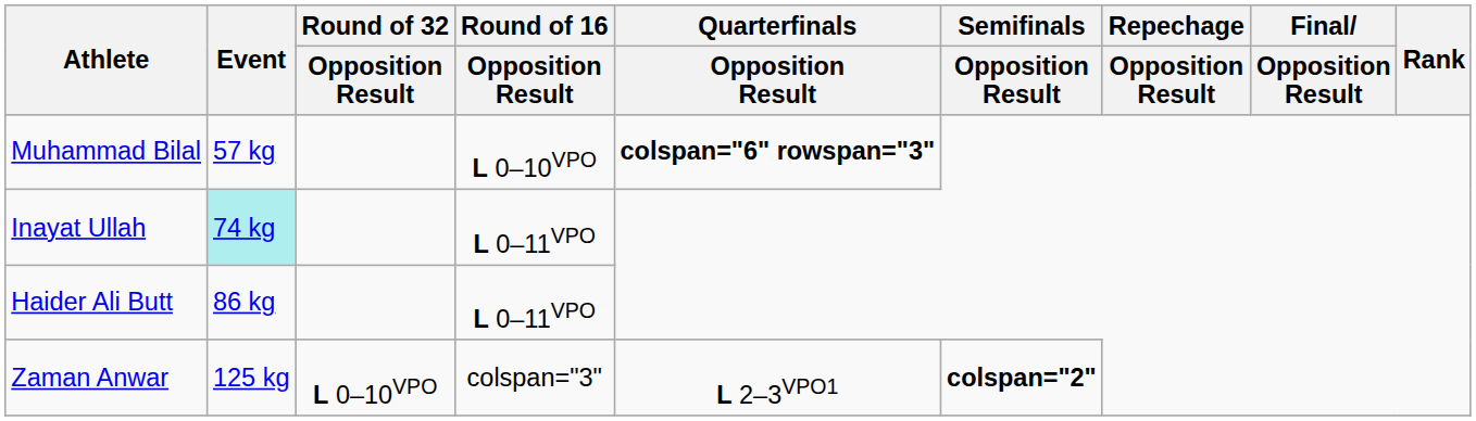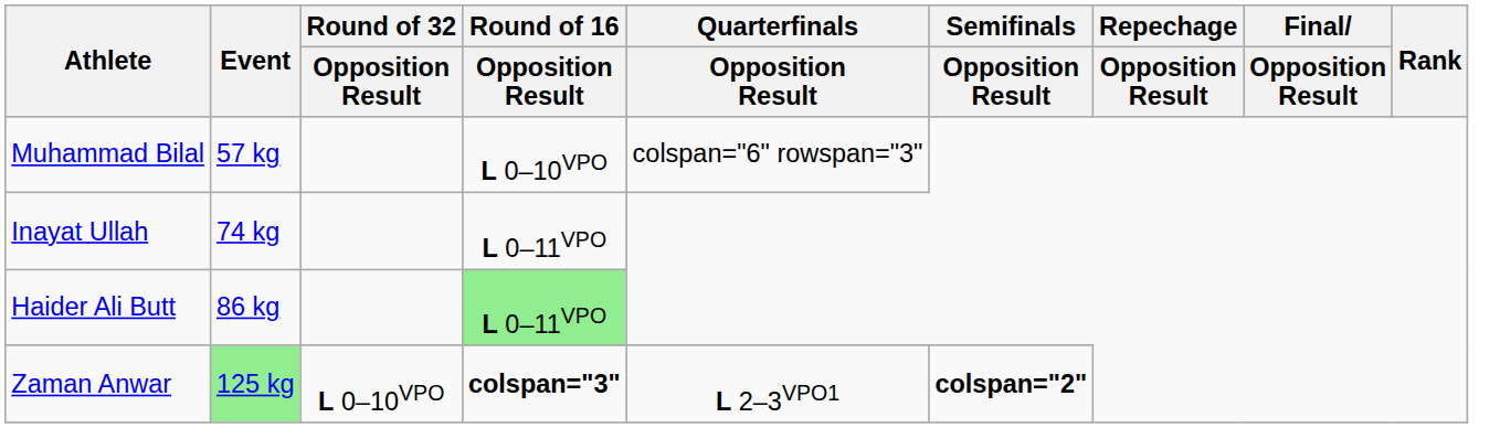 <table class=wikitable style="text-align:center; font-size:90%">
 <tr>
 <th rowspan=2>Athlete</th>
 <th rowspan=2>Event</th>
 <th>Round of 32</th>
 <th>Round of 16</th>
 <th>Quarterfinals</th>
 <th>Semifinals</th>
 <th>Repechage</th>
 <th>Final/</th>
 <th rowspan=2>Rank</th>
 </tr>
 <tr>
 <th>Opposition<br>Result</th>
 <th>Opposition<br>Result</th>
 <th>Opposition<br>Result</th>
 <th>Opposition<br>Result</th>
 <th>Opposition<br>Result</th>
 <th>Opposition<br>Result</th>
 </tr>
 <tr>
 <td style="text-align:left"><a href='#'>Muhammad Bilal</a></td>
 <td style="text-align:left"><a href='#'>57 kg</a></td>
 <td></td>
 <td><br> <strong>L</strong> 0–10<sup>VPO</sup></td>
-<td><strong>colspan="6" rowspan="3"</strong></td>
+<td>colspan="6" rowspan="3"</td>
 </tr>
 <tr>
 <td style="text-align:left"><a href='#'>Inayat Ullah</a></td>
-<td style="background: paleturquoise; text-align:left"><a href='#'>74 kg</a></td>
+<td style="text-align:left"><a href='#'>74 kg</a></td>
 <td></td>
 <td><br> <strong>L</strong> 0–11<sup>VPO</sup></td>
 </tr>
 <tr>
 <td style="text-align:left"><a href='#'>Haider Ali Butt</a></td>
 <td style="text-align:left"><a href='#'>86 kg</a></td>
 <td></td>
-<td><br> <strong>L</strong> 0–11<sup>VPO</sup></td>
+<td style="background: lightgreen;"><br> <strong>L</strong> 0–11<sup>VPO</sup></td>
 </tr>
 <tr>
 <td style="text-align:left"><a href='#'>Zaman Anwar</a></td>
-<td style="text-align:left"><a href='#'>125 kg</a></td>
+<td style="background: lightgreen; text-align:left"><a href='#'>125 kg</a></td>
 <td><br> <strong>L</strong> 0–10<sup>VPO</sup></td>
-<td>colspan="3"</td>
+<td><strong>colspan="3"</strong></td>
 <td><br> <strong>L</strong> 2–3<sup>VPO1</sup></td>
 <td><strong>colspan="2"</strong></td>
 </tr>
 </table>
